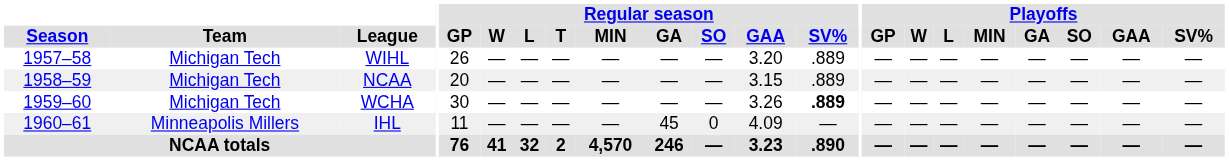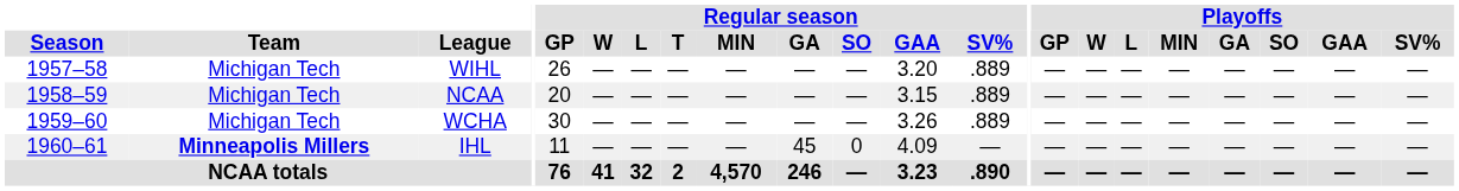 <table border="0" cellpadding="1" cellspacing="0" style="text-align:center; width:70em">
 <tr bgcolor="#e0e0e0">
 <th colspan="3" bgcolor="#ffffff"></th>
 <th rowspan="99" bgcolor="#ffffff"></th>
 <th colspan="9"><a href='#'>Regular season</a></th>
 <th rowspan="99" bgcolor="#ffffff"></th>
 <th colspan="8"><a href='#'>Playoffs</a></th>
 </tr>
 <tr bgcolor="#e0e0e0">
 <th><a href='#'>Season</a></th>
 <th>Team</th>
 <th>League</th>
 <th>GP</th>
 <th>W</th>
 <th>L</th>
 <th>T</th>
 <th>MIN</th>
 <th>GA</th>
 <th><a href='#'>SO</a></th>
 <th><a href='#'>GAA</a></th>
 <th><a href='#'>SV%</a></th>
 <th>GP</th>
 <th>W</th>
 <th>L</th>
 <th>MIN</th>
 <th>GA</th>
 <th>SO</th>
 <th>GAA</th>
 <th>SV%</th>
 </tr>
 <tr>
 <td><a href='#'>1957–58</a></td>
 <td><a href='#'>Michigan Tech</a></td>
 <td><a href='#'>WIHL</a></td>
 <td>26</td>
 <td>—</td>
 <td>—</td>
 <td>—</td>
 <td>—</td>
 <td>—</td>
 <td>—</td>
 <td>3.20</td>
 <td>.889</td>
 <td>—</td>
 <td>—</td>
 <td>—</td>
 <td>—</td>
 <td>—</td>
 <td>—</td>
 <td>—</td>
 <td>—</td>
 </tr>
 <tr bgcolor="f0f0f0">
 <td><a href='#'>1958–59</a></td>
 <td><a href='#'>Michigan Tech</a></td>
 <td><a href='#'>NCAA</a></td>
 <td>20</td>
 <td>—</td>
 <td>—</td>
 <td>—</td>
 <td>—</td>
 <td>—</td>
 <td>—</td>
 <td>3.15</td>
 <td>.889</td>
 <td>—</td>
 <td>—</td>
 <td>—</td>
 <td>—</td>
 <td>—</td>
 <td>—</td>
 <td>—</td>
 <td>—</td>
 </tr>
 <tr>
 <td><a href='#'>1959–60</a></td>
 <td><a href='#'>Michigan Tech</a></td>
 <td><a href='#'>WCHA</a></td>
 <td>30</td>
 <td>—</td>
 <td>—</td>
 <td>—</td>
 <td>—</td>
 <td>—</td>
 <td>—</td>
 <td>3.26</td>
-<td><strong>.889</strong></td>
+<td>.889</td>
 <td>—</td>
 <td>—</td>
 <td>—</td>
 <td>—</td>
 <td>—</td>
 <td>—</td>
 <td>—</td>
 <td>—</td>
 </tr>
 <tr bgcolor="f0f0f0">
 <td><a href='#'>1960–61</a></td>
-<td><a href='#'>Minneapolis Millers</a></td>
+<td><strong><a href='#'>Minneapolis Millers</a></strong></td>
 <td><a href='#'>IHL</a></td>
 <td>11</td>
 <td>—</td>
 <td>—</td>
 <td>—</td>
 <td>—</td>
 <td>45</td>
 <td>0</td>
 <td>4.09</td>
 <td>—</td>
 <td>—</td>
 <td>—</td>
 <td>—</td>
 <td>—</td>
 <td>—</td>
 <td>—</td>
 <td>—</td>
 <td>—</td>
 </tr>
 <tr bgcolor="#e0e0e0">
 <th colspan="3">NCAA totals</th>
 <th>76</th>
 <th>41</th>
 <th>32</th>
 <th>2</th>
 <th>4,570</th>
 <th>246</th>
 <th>—</th>
 <th>3.23</th>
 <th>.890</th>
 <th>—</th>
 <th>—</th>
 <th>—</th>
 <th>—</th>
 <th>—</th>
 <th>—</th>
 <th>—</th>
 <th>—</th>
 </tr>
 </table>
